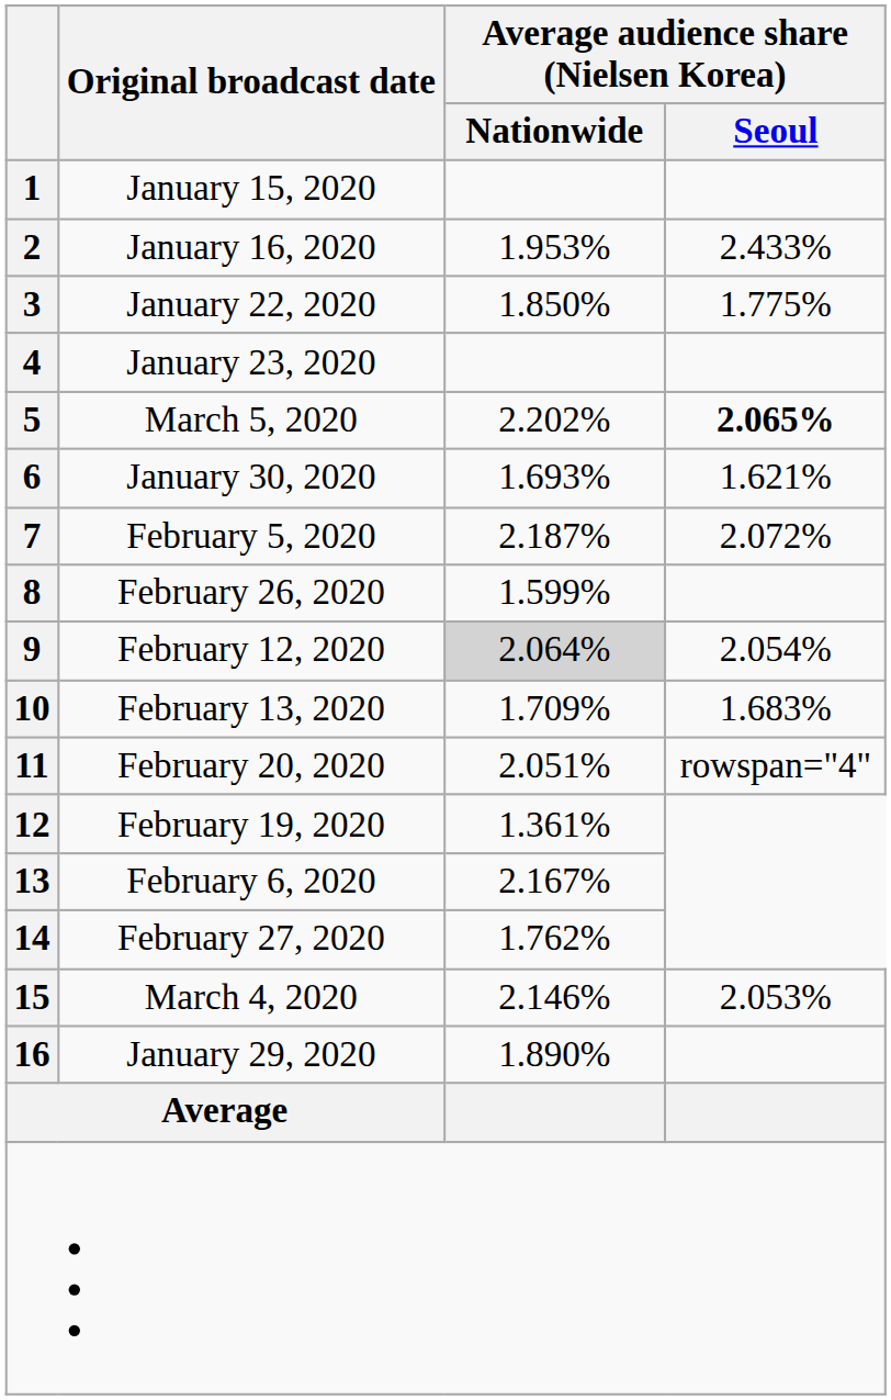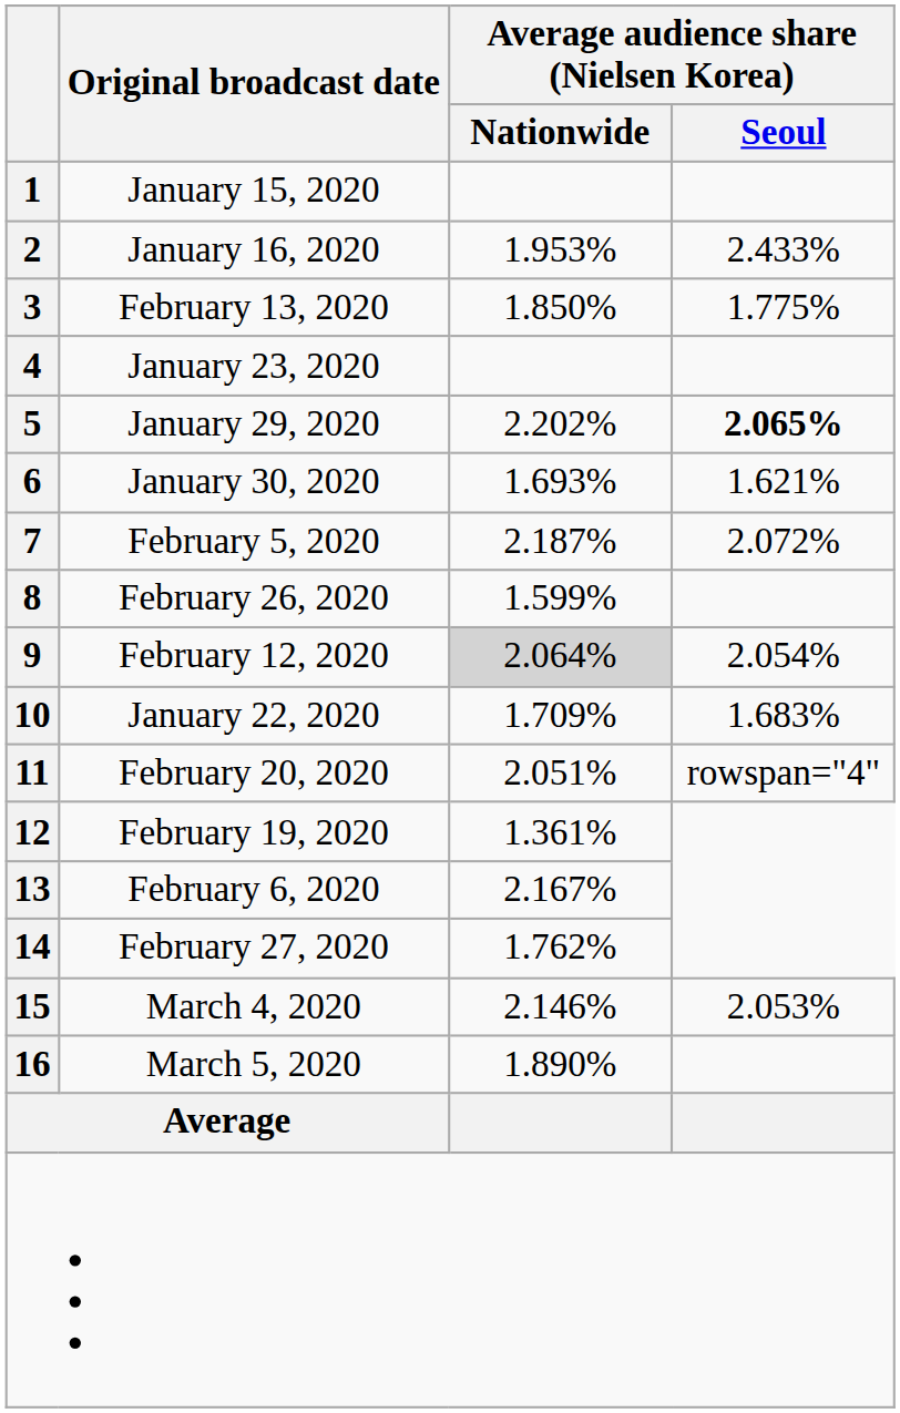 <table class="wikitable" style="text-align:center;max-width:450px; margin-left: auto; margin-right: auto; border: none;">
 <tr>
 </tr>
 <tr>
 <th rowspan="2"></th>
 <th rowspan="2">Original broadcast date</th>
 <th colspan="2">Average audience share<br>(Nielsen Korea)</th>
 </tr>
 <tr>
 <th width="90">Nationwide</th>
 <th width="90"><a href='#'>Seoul</a></th>
 </tr>
 <tr>
 <th>1</th>
 <td>January 15, 2020</td>
 <td></td>
 <td></td>
 </tr>
 <tr>
 <th>2</th>
 <td>January 16, 2020</td>
 <td>1.953%</td>
 <td>2.433%</td>
 </tr>
 <tr>
 <th>3</th>
-<td>January 22, 2020</td>
+<td>February 13, 2020</td>
 <td>1.850%</td>
 <td>1.775%</td>
 </tr>
 <tr>
 <th>4</th>
 <td>January 23, 2020</td>
 <td></td>
 <td></td>
 </tr>
 <tr>
 <th>5</th>
-<td>March 5, 2020</td>
+<td>January 29, 2020</td>
 <td>2.202%</td>
 <td><strong>2.065%</strong></td>
 </tr>
 <tr>
 <th>6</th>
 <td>January 30, 2020</td>
 <td>1.693%</td>
 <td>1.621%</td>
 </tr>
 <tr>
 <th>7</th>
 <td>February 5, 2020</td>
 <td>2.187%</td>
 <td>2.072%</td>
 </tr>
 <tr>
 <th>8</th>
 <td>February 26, 2020</td>
 <td>1.599%</td>
 <td></td>
 </tr>
 <tr>
 <th>9</th>
 <td>February 12, 2020</td>
 <td style="background: lightgrey;">2.064%</td>
 <td>2.054%</td>
 </tr>
 <tr>
 <th>10</th>
-<td>February 13, 2020</td>
+<td>January 22, 2020</td>
 <td>1.709%</td>
 <td>1.683%</td>
 </tr>
 <tr>
 <th>11</th>
 <td>February 20, 2020</td>
 <td>2.051%</td>
 <td>rowspan="4" </td>
 </tr>
 <tr>
 <th>12</th>
 <td>February 19, 2020</td>
 <td>1.361%</td>
 </tr>
 <tr>
 <th>13</th>
 <td>February 6, 2020</td>
 <td>2.167%</td>
 </tr>
 <tr>
 <th>14</th>
 <td>February 27, 2020</td>
 <td>1.762%</td>
 </tr>
 <tr>
 <th>15</th>
 <td>March 4, 2020</td>
 <td>2.146%</td>
 <td>2.053%</td>
 </tr>
 <tr>
 <th>16</th>
-<td>January 29, 2020</td>
+<td>March 5, 2020</td>
 <td>1.890%</td>
 <td></td>
 </tr>
 <tr>
 <th colspan="2">Average</th>
 <th></th>
 <th></th>
 </tr>
 <tr>
 <td colspan="6"><br><ul><li></li><li></li><li></li></ul></td>
 </tr>
 </table>
